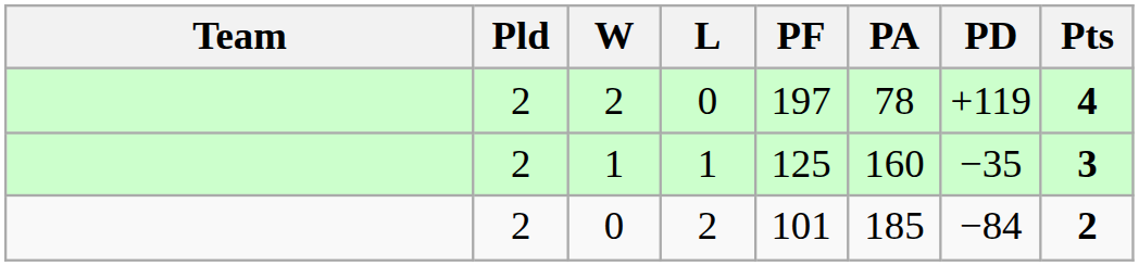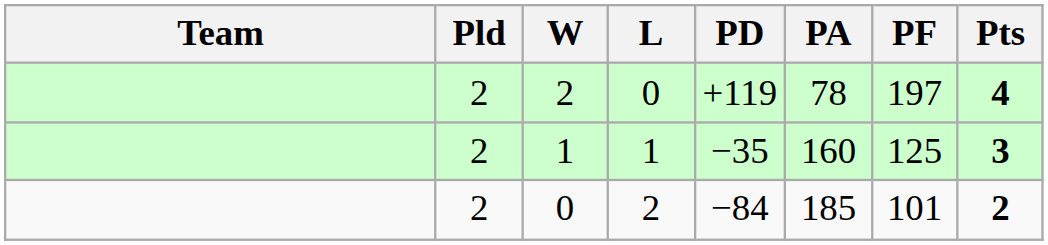 <table class=wikitable style="text-align:center">
 <tr>
 <th width=180>Team</th>
 <th width=30>Pld</th>
 <th width=30>W</th>
 <th width=30>L</th>
+<th width=30>PD</th>
+<th width=30>PA</th>
 <th width=30>PF</th>
-<th width=30>PA</th>
-<th width=30>PD</th>
 <th width=30>Pts</th>
 </tr>
 <tr bgcolor="#ccffcc">
 <td align="left"></td>
 <td>2</td>
 <td>2</td>
 <td>0</td>
+<td>+119</td>
+<td>78</td>
 <td>197</td>
-<td>78</td>
-<td>+119</td>
 <td><strong>4</strong></td>
 </tr>
 <tr bgcolor="#ccffcc">
 <td align="left"></td>
 <td>2</td>
 <td>1</td>
 <td>1</td>
+<td>−35</td>
+<td>160</td>
 <td>125</td>
-<td>160</td>
-<td>−35</td>
 <td><strong>3</strong></td>
 </tr>
 <tr>
 <td align="left"></td>
 <td>2</td>
 <td>0</td>
 <td>2</td>
+<td>−84</td>
+<td>185</td>
 <td>101</td>
-<td>185</td>
-<td>−84</td>
 <td><strong>2</strong></td>
 </tr>
 </table>
